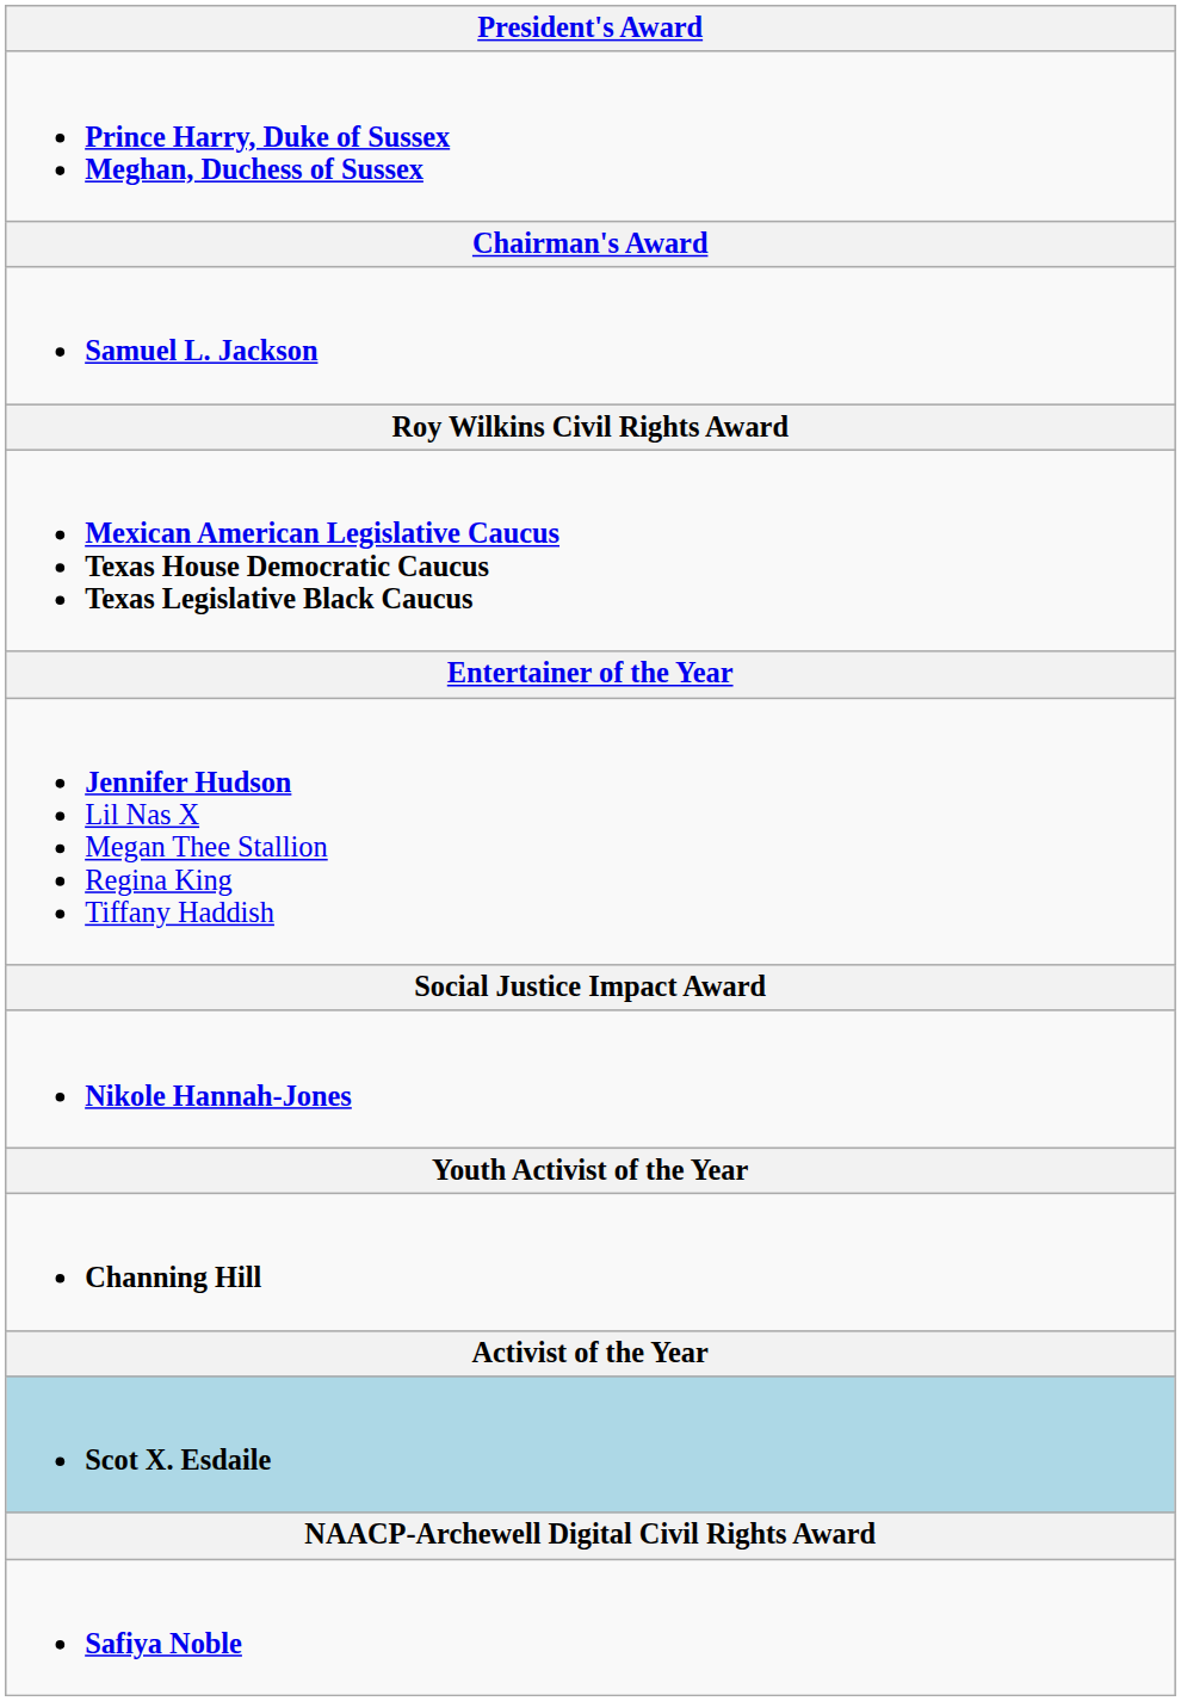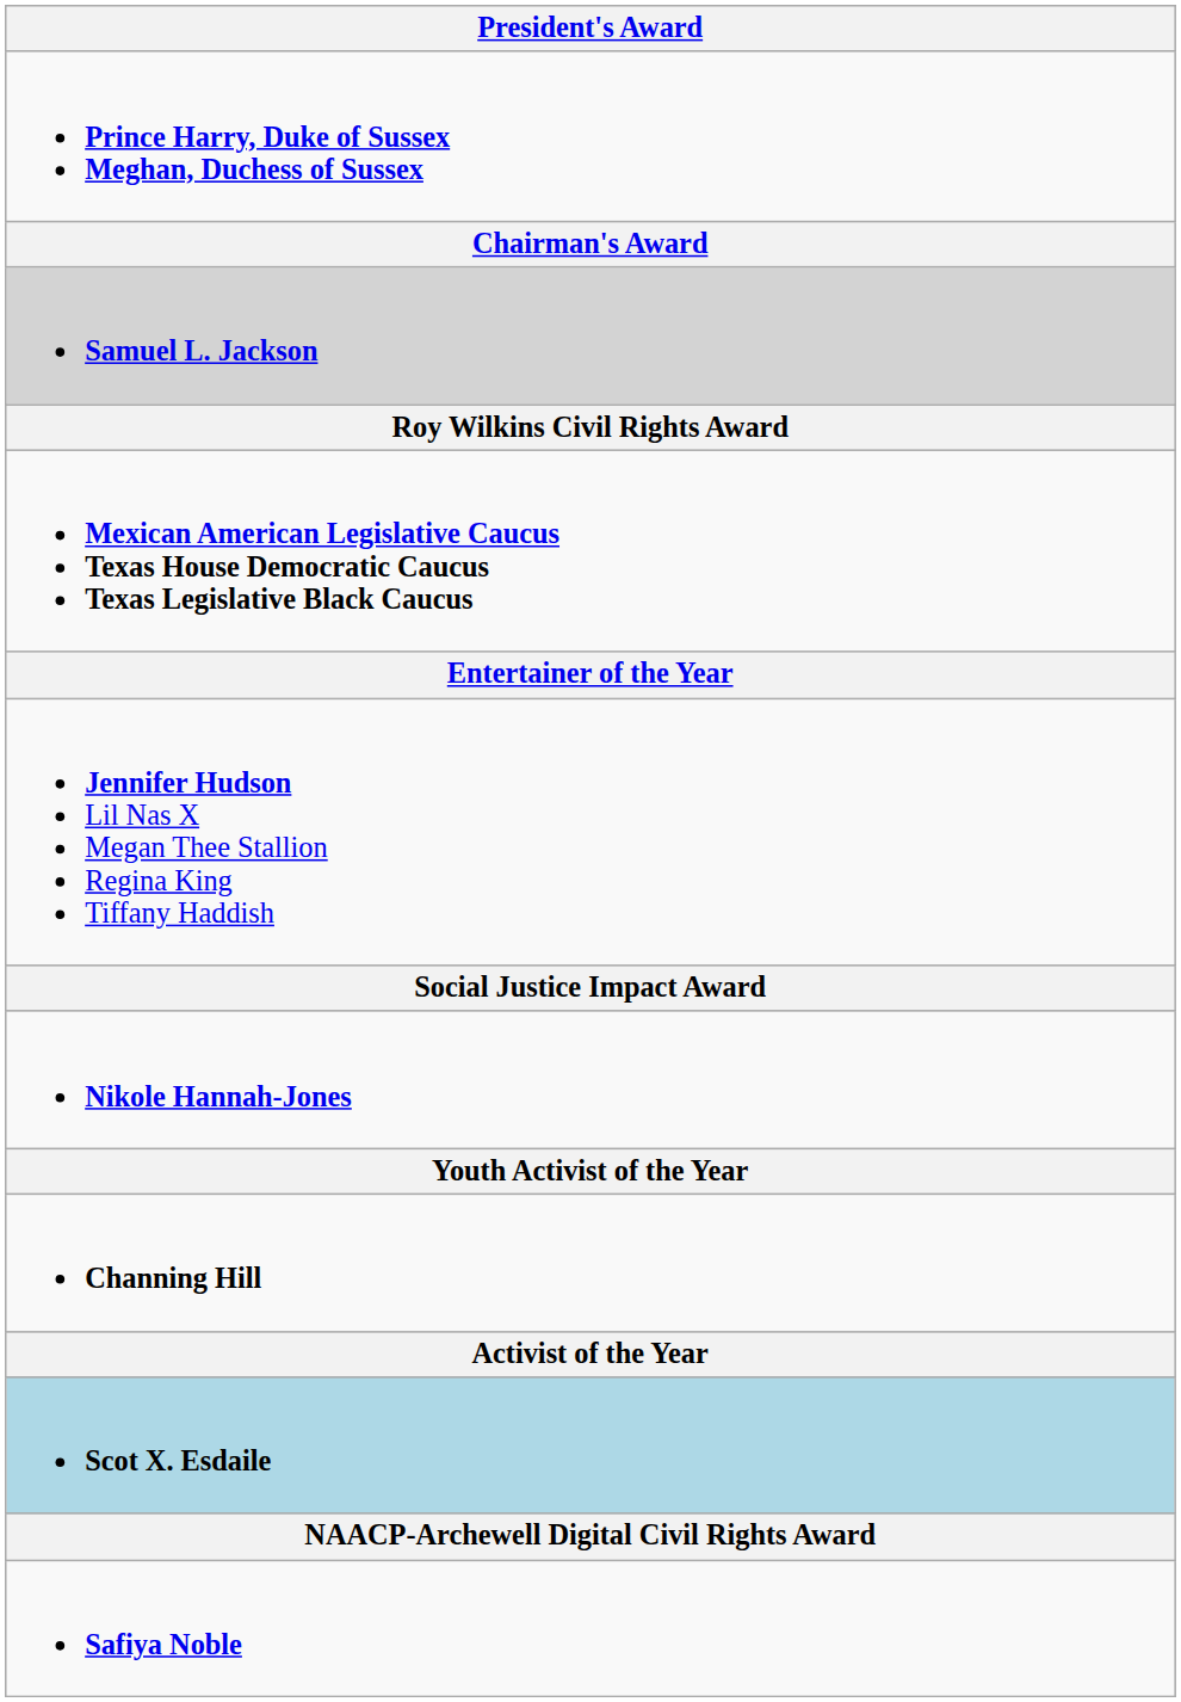 <table class="wikitable">
 <tr>
 <th style="width=50%"><a href='#'>President's Award</a></th>
 </tr>
 <tr>
 <td valign="top" width="50%"><br><ul><li><strong><a href='#'>Prince Harry, Duke of Sussex</a></strong></li><li><strong><a href='#'>Meghan, Duchess of Sussex</a></strong></li></ul></td>
 </tr>
 <tr>
 <th style="width=50%"><a href='#'>Chairman's Award</a></th>
 </tr>
 <tr>
-<td valign="top" width="50%"><br><ul><li><strong><a href='#'>Samuel L. Jackson</a></strong></li></ul></td>
+<td valign="top" width="50%" style="background: lightgrey;"><br><ul><li><strong><a href='#'>Samuel L. Jackson</a></strong></li></ul></td>
 </tr>
 <tr>
 <th style="width=50%">Roy Wilkins Civil Rights Award</th>
 </tr>
 <tr>
 <td valign="top" width="50%"><br><ul><li><strong><a href='#'>Mexican American Legislative Caucus</a></strong></li><li><strong>Texas House Democratic Caucus</strong></li><li><strong>Texas Legislative Black Caucus</strong></li></ul></td>
 </tr>
 <tr>
 <th style="width=50%"><a href='#'>Entertainer of the Year</a></th>
 </tr>
 <tr>
 <td valign="top" width="50%"><br><ul><li><strong><a href='#'>Jennifer Hudson</a></strong></li><li><a href='#'>Lil Nas X</a></li><li><a href='#'>Megan Thee Stallion</a></li><li><a href='#'>Regina King</a></li><li><a href='#'>Tiffany Haddish</a></li></ul></td>
 </tr>
 <tr>
 <th style="width=50%">Social Justice Impact Award</th>
 </tr>
 <tr>
 <td valign="top" width="50%"><br><ul><li><strong><a href='#'>Nikole Hannah-Jones</a></strong></li></ul></td>
 </tr>
 <tr>
 <th style="width=50%">Youth Activist of the Year</th>
 </tr>
 <tr>
 <td valign="top" width="50%"><br><ul><li><strong>Channing Hill</strong></li></ul></td>
 </tr>
 <tr>
 <th style="width=50%">Activist of the Year</th>
 </tr>
 <tr>
 <td valign="top" width="50%" style="background: lightblue;"><br><ul><li><strong>Scot X. Esdaile</strong></li></ul></td>
 </tr>
 <tr>
 <th style="width=50%">NAACP-Archewell Digital Civil Rights Award</th>
 </tr>
 <tr>
 <td valign="top" width="50%"><br><ul><li><strong><a href='#'>Safiya Noble</a></strong></li></ul></td>
 </tr>
 </table>
